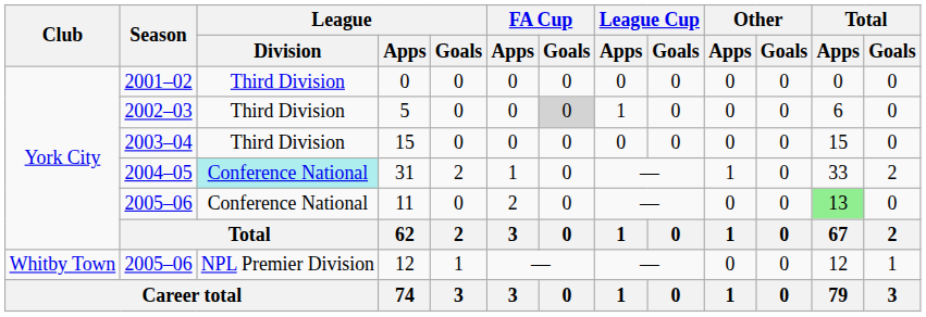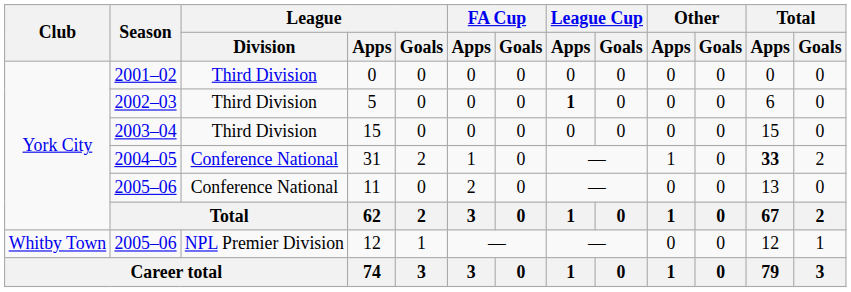 <table class="wikitable" style="text-align: center;">
 <tr>
 <th rowspan="2">Club</th>
 <th rowspan="2">Season</th>
 <th colspan="3">League</th>
 <th colspan="2"><a href='#'>FA Cup</a></th>
 <th colspan="2"><a href='#'>League Cup</a></th>
 <th colspan="2">Other</th>
 <th colspan="2">Total</th>
 </tr>
 <tr>
 <th>Division</th>
 <th>Apps</th>
 <th>Goals</th>
 <th>Apps</th>
 <th>Goals</th>
 <th>Apps</th>
 <th>Goals</th>
 <th>Apps</th>
 <th>Goals</th>
 <th>Apps</th>
 <th>Goals</th>
 </tr>
 <tr>
 <td rowspan="6"><a href='#'>York City</a></td>
 <td><a href='#'>2001–02</a></td>
 <td><a href='#'>Third Division</a></td>
 <td>0</td>
 <td>0</td>
 <td>0</td>
 <td>0</td>
 <td>0</td>
 <td>0</td>
 <td>0</td>
 <td>0</td>
 <td>0</td>
 <td>0</td>
 </tr>
 <tr>
 <td><a href='#'>2002–03</a></td>
 <td>Third Division</td>
 <td>5</td>
 <td>0</td>
 <td>0</td>
-<td style="background: lightgrey;">0</td>
-<td>1</td>
+<td>0</td>
+<td><strong>1</strong></td>
 <td>0</td>
 <td>0</td>
 <td>0</td>
 <td>6</td>
 <td>0</td>
 </tr>
 <tr>
 <td><a href='#'>2003–04</a></td>
 <td>Third Division</td>
 <td>15</td>
 <td>0</td>
 <td>0</td>
 <td>0</td>
 <td>0</td>
 <td>0</td>
 <td>0</td>
 <td>0</td>
 <td>15</td>
 <td>0</td>
 </tr>
 <tr>
 <td><a href='#'>2004–05</a></td>
-<td style="background: paleturquoise;"><a href='#'>Conference National</a></td>
+<td><a href='#'>Conference National</a></td>
 <td>31</td>
 <td>2</td>
 <td>1</td>
 <td>0</td>
 <td colspan="2">—</td>
 <td>1</td>
 <td>0</td>
-<td>33</td>
+<td><strong>33</strong></td>
 <td>2</td>
 </tr>
 <tr>
 <td><a href='#'>2005–06</a></td>
 <td>Conference National</td>
 <td>11</td>
 <td>0</td>
 <td>2</td>
 <td>0</td>
 <td colspan="2">—</td>
 <td>0</td>
 <td>0</td>
-<td style="background: lightgreen;">13</td>
+<td>13</td>
 <td>0</td>
 </tr>
 <tr>
 <th colspan="2">Total</th>
 <th>62</th>
 <th>2</th>
 <th>3</th>
 <th>0</th>
 <th>1</th>
 <th>0</th>
 <th>1</th>
 <th>0</th>
 <th>67</th>
 <th>2</th>
 </tr>
 <tr>
 <td><a href='#'>Whitby Town</a></td>
 <td><a href='#'>2005–06</a></td>
 <td><a href='#'>NPL</a> Premier Division</td>
 <td>12</td>
 <td>1</td>
 <td colspan="2">—</td>
 <td colspan="2">—</td>
 <td>0</td>
 <td>0</td>
 <td>12</td>
 <td>1</td>
 </tr>
 <tr>
 <th colspan="3">Career total</th>
 <th>74</th>
 <th>3</th>
 <th>3</th>
 <th>0</th>
 <th>1</th>
 <th>0</th>
 <th>1</th>
 <th>0</th>
 <th>79</th>
 <th>3</th>
 </tr>
 </table>
